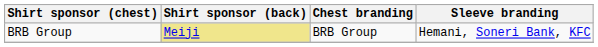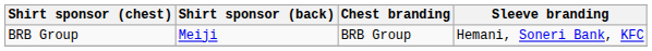 <table class="wikitable"  style="font-size:85%;">
 <tr>
 <th>Shirt sponsor (chest)</th>
 <th>Shirt sponsor (back)</th>
 <th>Chest branding</th>
 <th>Sleeve branding</th>
 </tr>
 <tr>
 <td>BRB Group</td>
-<td style="background: khaki;"><a href='#'>Meiji</a></td>
+<td><a href='#'>Meiji</a></td>
 <td>BRB Group</td>
 <td>Hemani, <a href='#'>Soneri Bank</a>, <a href='#'>KFC</a></td>
 </tr>
 <tr>
 </tr>
 </table>
